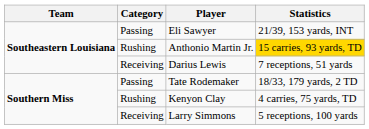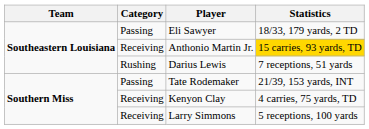 <table class="wikitable" style="float: right;">
 <tr>
 <th>Team</th>
 <th>Category</th>
 <th>Player</th>
 <th>Statistics</th>
 </tr>
 <tr>
 <td rowspan=3><strong>Southeastern Louisiana</strong></td>
 <td>Passing</td>
 <td>Eli Sawyer</td>
-<td>21/39, 153 yards, INT</td>
+<td>18/33, 179 yards, 2 TD</td>
 </tr>
 <tr>
-<td>Rushing</td>
+<td>Receiving</td>
 <td>Anthonio Martin Jr.</td>
 <td style="background: gold;">15 carries, 93 yards, TD</td>
 </tr>
 <tr>
-<td>Receiving</td>
+<td>Rushing</td>
 <td>Darius Lewis</td>
 <td>7 receptions, 51 yards</td>
 </tr>
 <tr>
 <td rowspan=3><strong>Southern Miss</strong></td>
 <td>Passing</td>
 <td>Tate Rodemaker</td>
-<td>18/33, 179 yards, 2 TD</td>
+<td>21/39, 153 yards, INT</td>
 </tr>
 <tr>
-<td>Rushing</td>
+<td>Receiving</td>
 <td>Kenyon Clay</td>
 <td>4 carries, 75 yards, TD</td>
 </tr>
 <tr>
 <td>Receiving</td>
 <td>Larry Simmons</td>
 <td>5 receptions, 100 yards</td>
 </tr>
 </table>
